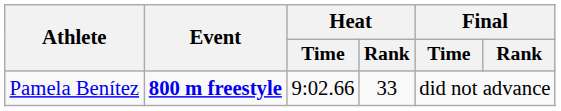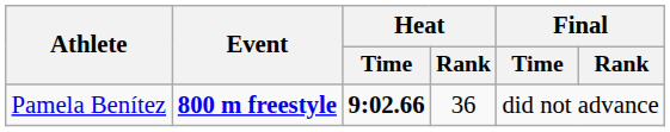 <table class=wikitable style="font-size:90%">
 <tr>
 <th rowspan="2">Athlete</th>
 <th rowspan="2">Event</th>
 <th colspan="2">Heat</th>
 <th colspan="2">Final</th>
 </tr>
 <tr style="font-size:95%">
 <th>Time</th>
 <th>Rank</th>
 <th>Time</th>
 <th>Rank</th>
 </tr>
 <tr align=center>
 <td align=left><a href='#'>Pamela Benítez</a></td>
 <td align=left><strong><a href='#'>800 m freestyle</a></strong></td>
-<td>9:02.66</td>
-<td>33</td>
+<td><strong>9:02.66</strong></td>
+<td>36</td>
 <td colspan=2>did not advance</td>
 </tr>
 </table>
